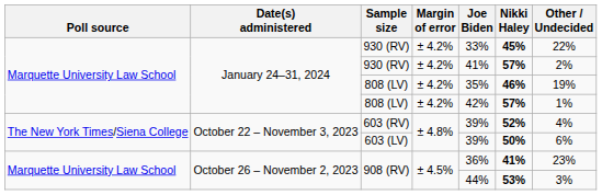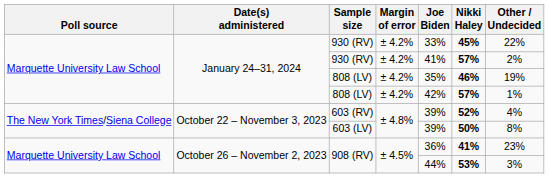 <table class="wikitable sortable mw-datatable" style="font-size:90%;text-align:center;line-height:17px">
 <tr valign=bottom>
 <th>Poll source</th>
 <th>Date(s)<br>administered</th>
 <th>Sample<br>size</th>
 <th>Margin<br>of error</th>
 <th class="unsortable">Joe<br>Biden<br></th>
 <th class="unsortable">Nikki<br>Haley<br></th>
 <th class="unsortable">Other /<br>Undecided</th>
 </tr>
 <tr>
 <td style="text-align:left;" rowspan="4"><a href='#'>Marquette University Law School</a></td>
 <td rowspan="4">January 24–31, 2024</td>
 <td>930 (RV)</td>
 <td>± 4.2%</td>
 <td>33%</td>
 <td style="background-color:"><strong>45%</strong></td>
 <td>22%</td>
 </tr>
 <tr>
 <td>930 (RV)</td>
 <td>± 4.2%</td>
 <td>41%</td>
 <td style="background-color:"><strong>57%</strong></td>
 <td>2%</td>
 </tr>
 <tr>
 <td>808 (LV)</td>
 <td>± 4.2%</td>
 <td>35%</td>
 <td style="background-color:"><strong>46%</strong></td>
 <td>19%</td>
 </tr>
 <tr>
 <td>808 (LV)</td>
 <td>± 4.2%</td>
 <td>42%</td>
 <td style="background-color:"><strong>57%</strong></td>
 <td>1%</td>
 </tr>
 <tr>
 <td style="text-align:left;" rowspan="2"><a href='#'>The New York Times</a>/<a href='#'>Siena College</a></td>
 <td rowspan="2">October 22 – November 3, 2023</td>
 <td>603 (RV)</td>
 <td rowspan="2">± 4.8%</td>
 <td>39%</td>
 <td style="background-color:"><strong>52%</strong></td>
 <td>4%</td>
 </tr>
 <tr>
 <td>603 (LV)</td>
 <td>39%</td>
 <td style="background-color:"><strong>50%</strong></td>
-<td>6%</td>
+<td>8%</td>
 </tr>
 <tr>
 <td style="text-align:left;" rowspan="2"><a href='#'>Marquette University Law School</a></td>
 <td rowspan="2">October 26 – November 2, 2023</td>
 <td rowspan="2">908 (RV)</td>
 <td rowspan="2">± 4.5%</td>
 <td>36%</td>
 <td style="background-color:"><strong>41%</strong></td>
 <td>23%</td>
 </tr>
 <tr>
 <td>44%</td>
 <td style="background-color:"><strong>53%</strong></td>
 <td>3%</td>
 </tr>
 </table>
